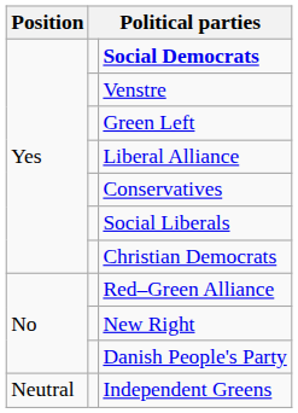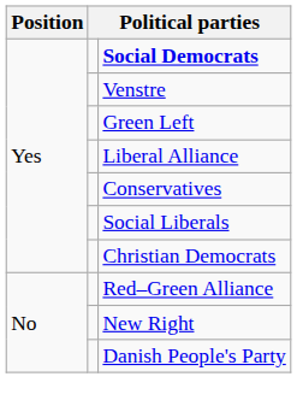 <table class="wikitable" style="float:right;">
 <tr>
 <th>Position</th>
 <th colspan="2">Political parties</th>
 </tr>
 <tr>
 <td rowspan="7">Yes</td>
 <td></td>
 <td><strong><a href='#'>Social Democrats</a></strong></td>
 </tr>
 <tr>
 <td></td>
 <td><a href='#'>Venstre</a></td>
 </tr>
 <tr>
 <td></td>
 <td><a href='#'>Green Left</a></td>
 </tr>
 <tr>
 <td></td>
 <td><a href='#'>Liberal Alliance</a></td>
 </tr>
 <tr>
 <td></td>
 <td><a href='#'>Conservatives</a></td>
 </tr>
 <tr>
 <td></td>
 <td><a href='#'>Social Liberals</a></td>
 </tr>
 <tr>
 <td></td>
 <td><a href='#'>Christian Democrats</a></td>
 </tr>
 <tr>
 <td rowspan="3">No</td>
 <td></td>
 <td><a href='#'>Red–Green Alliance</a></td>
 </tr>
 <tr>
 <td></td>
 <td><a href='#'>New Right</a></td>
 </tr>
 <tr>
 <td></td>
 <td><a href='#'>Danish People's Party</a></td>
 </tr>
-<tr>
-<td rowspan="1">Neutral</td>
-<td></td>
-<td><a href='#'>Independent Greens</a></td>
-</tr>
 </table>
